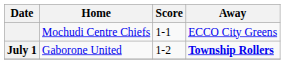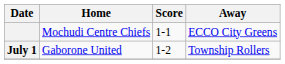 <table class="wikitable sortable plainrowheaders">
 <tr>
 <th scope="col">Date</th>
 <th scope="col">Home</th>
 <th scope="col">Score</th>
 <th scope="col">Away</th>
 </tr>
 <tr>
 <th scope="row"></th>
 <td><a href='#'>Mochudi Centre Chiefs</a></td>
 <td>1-1</td>
 <td><a href='#'>ECCO City Greens</a></td>
 </tr>
 <tr>
 <th scope="row">July 1</th>
 <td><a href='#'>Gaborone United</a></td>
 <td>1-2</td>
-<td><strong><a href='#'>Township Rollers</a></strong></td>
+<td><a href='#'>Township Rollers</a></td>
 </tr>
 <tr>
 </tr>
 </table>
